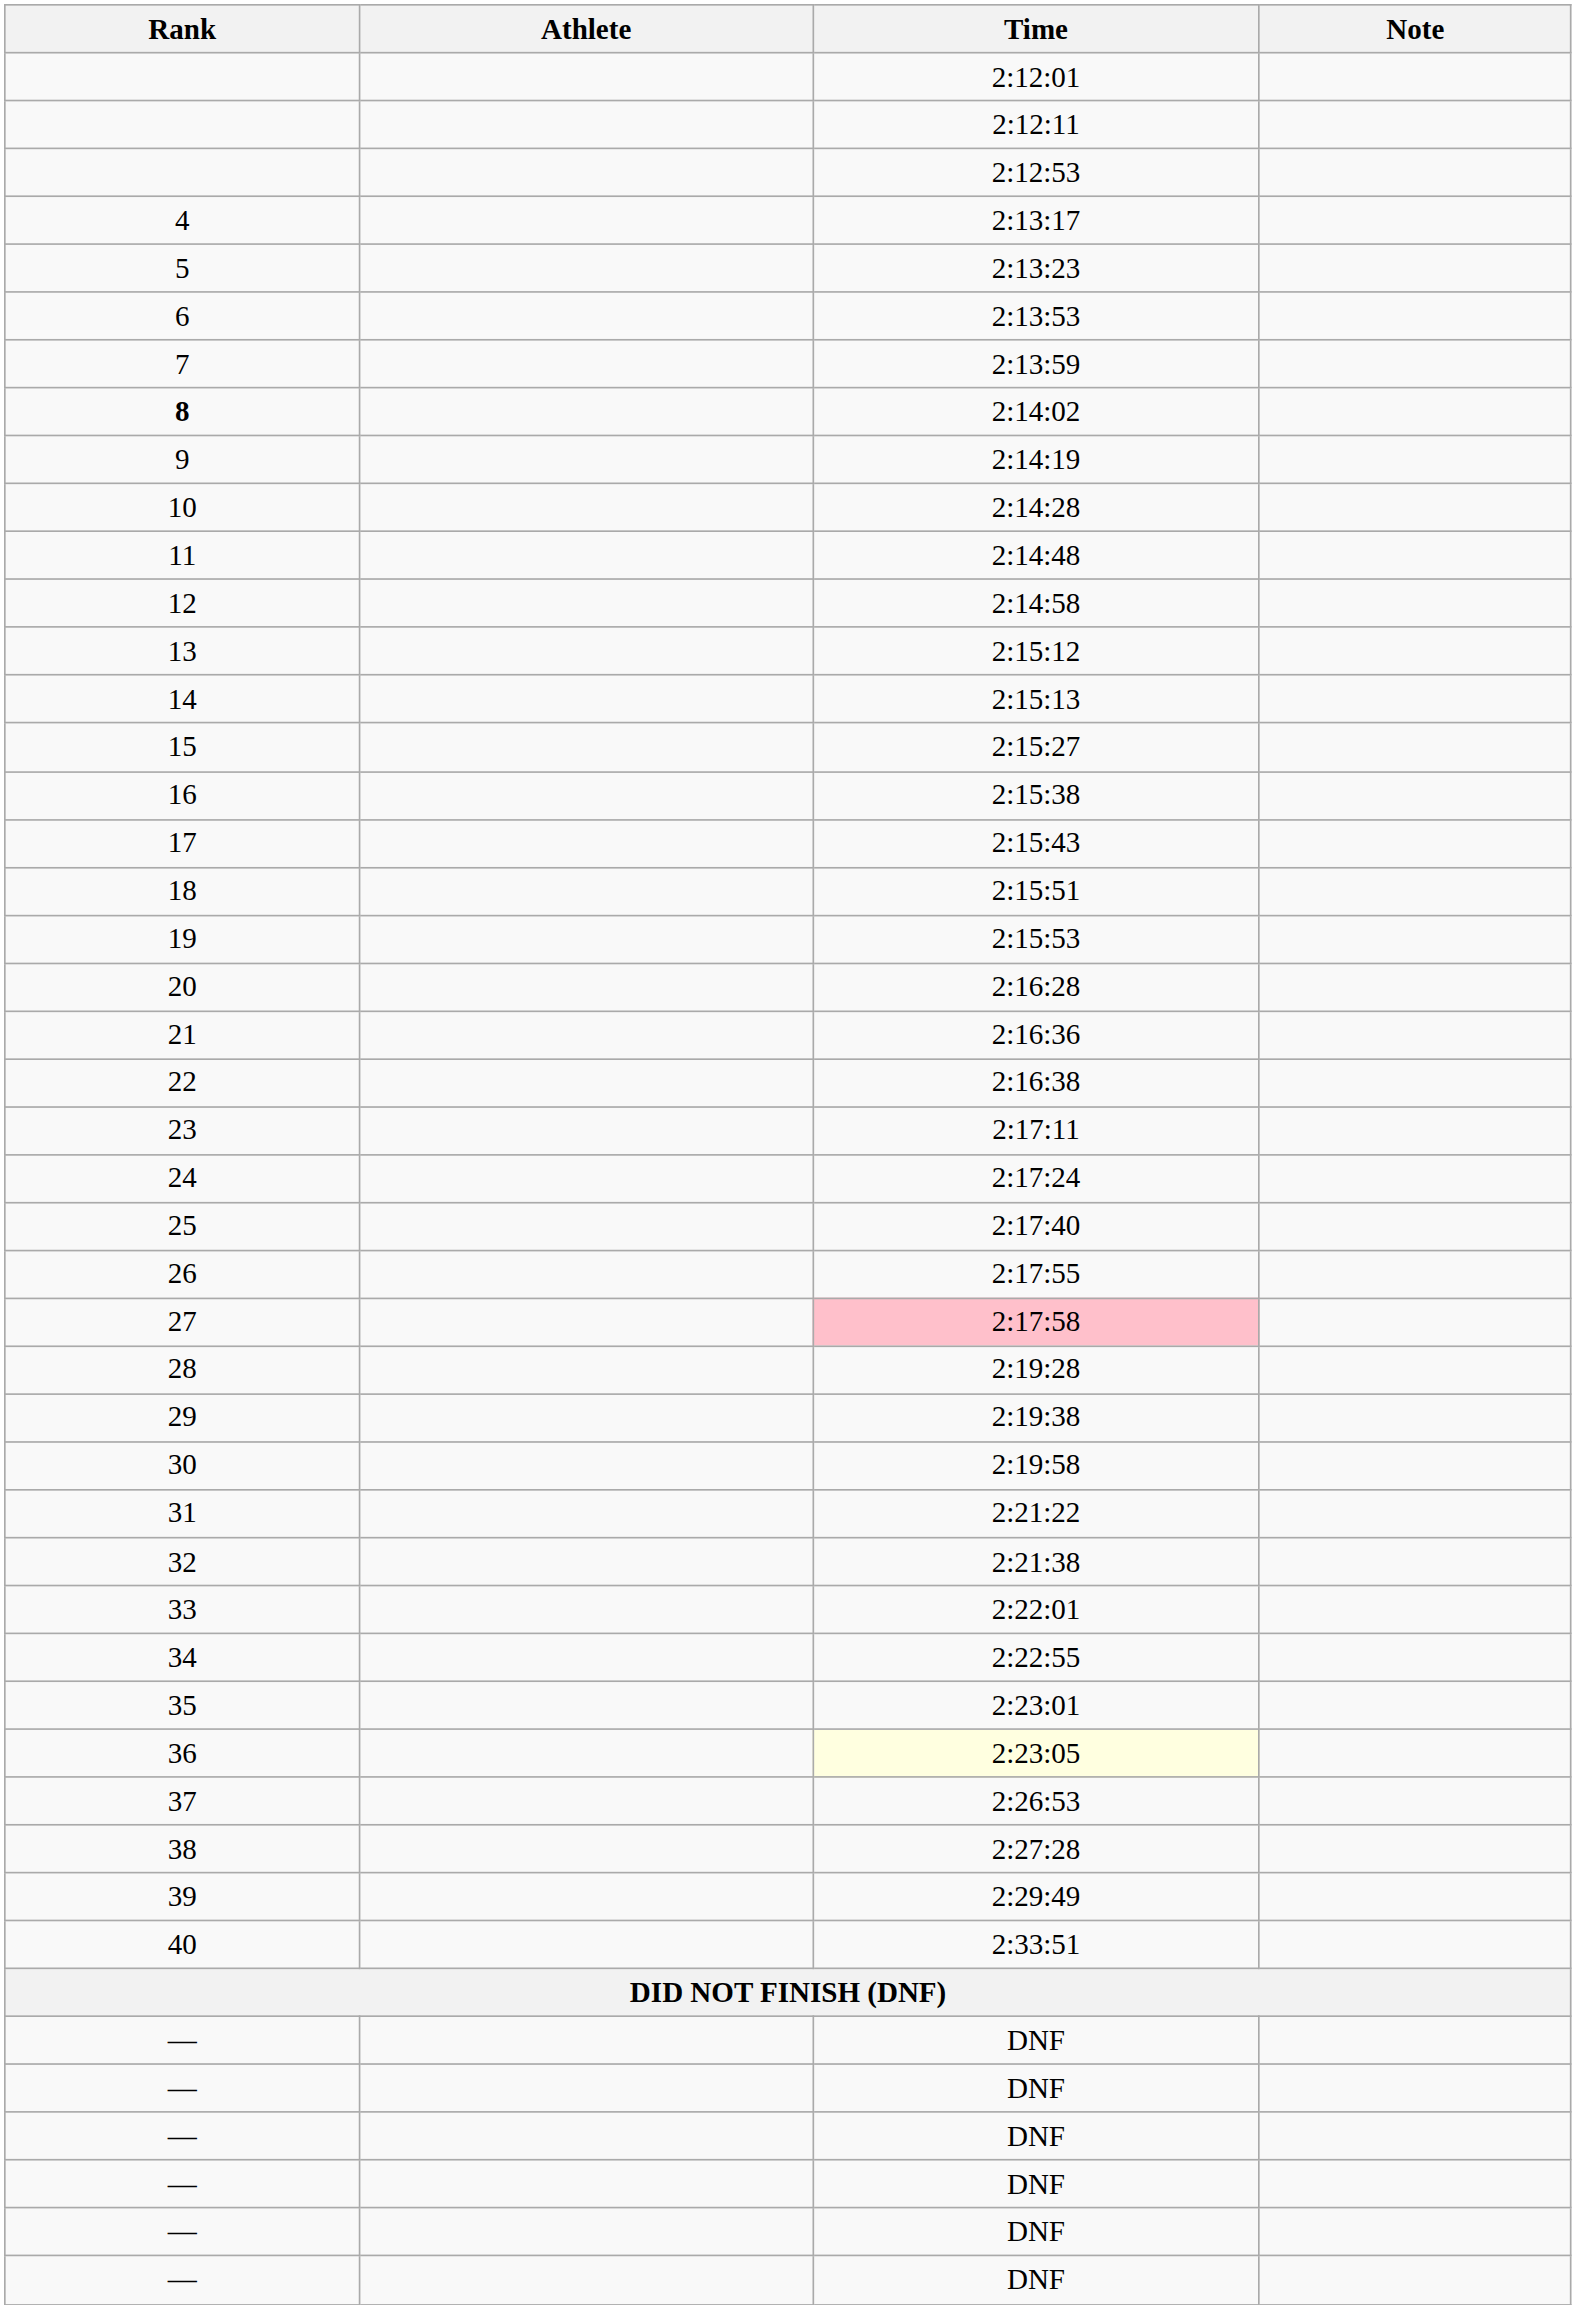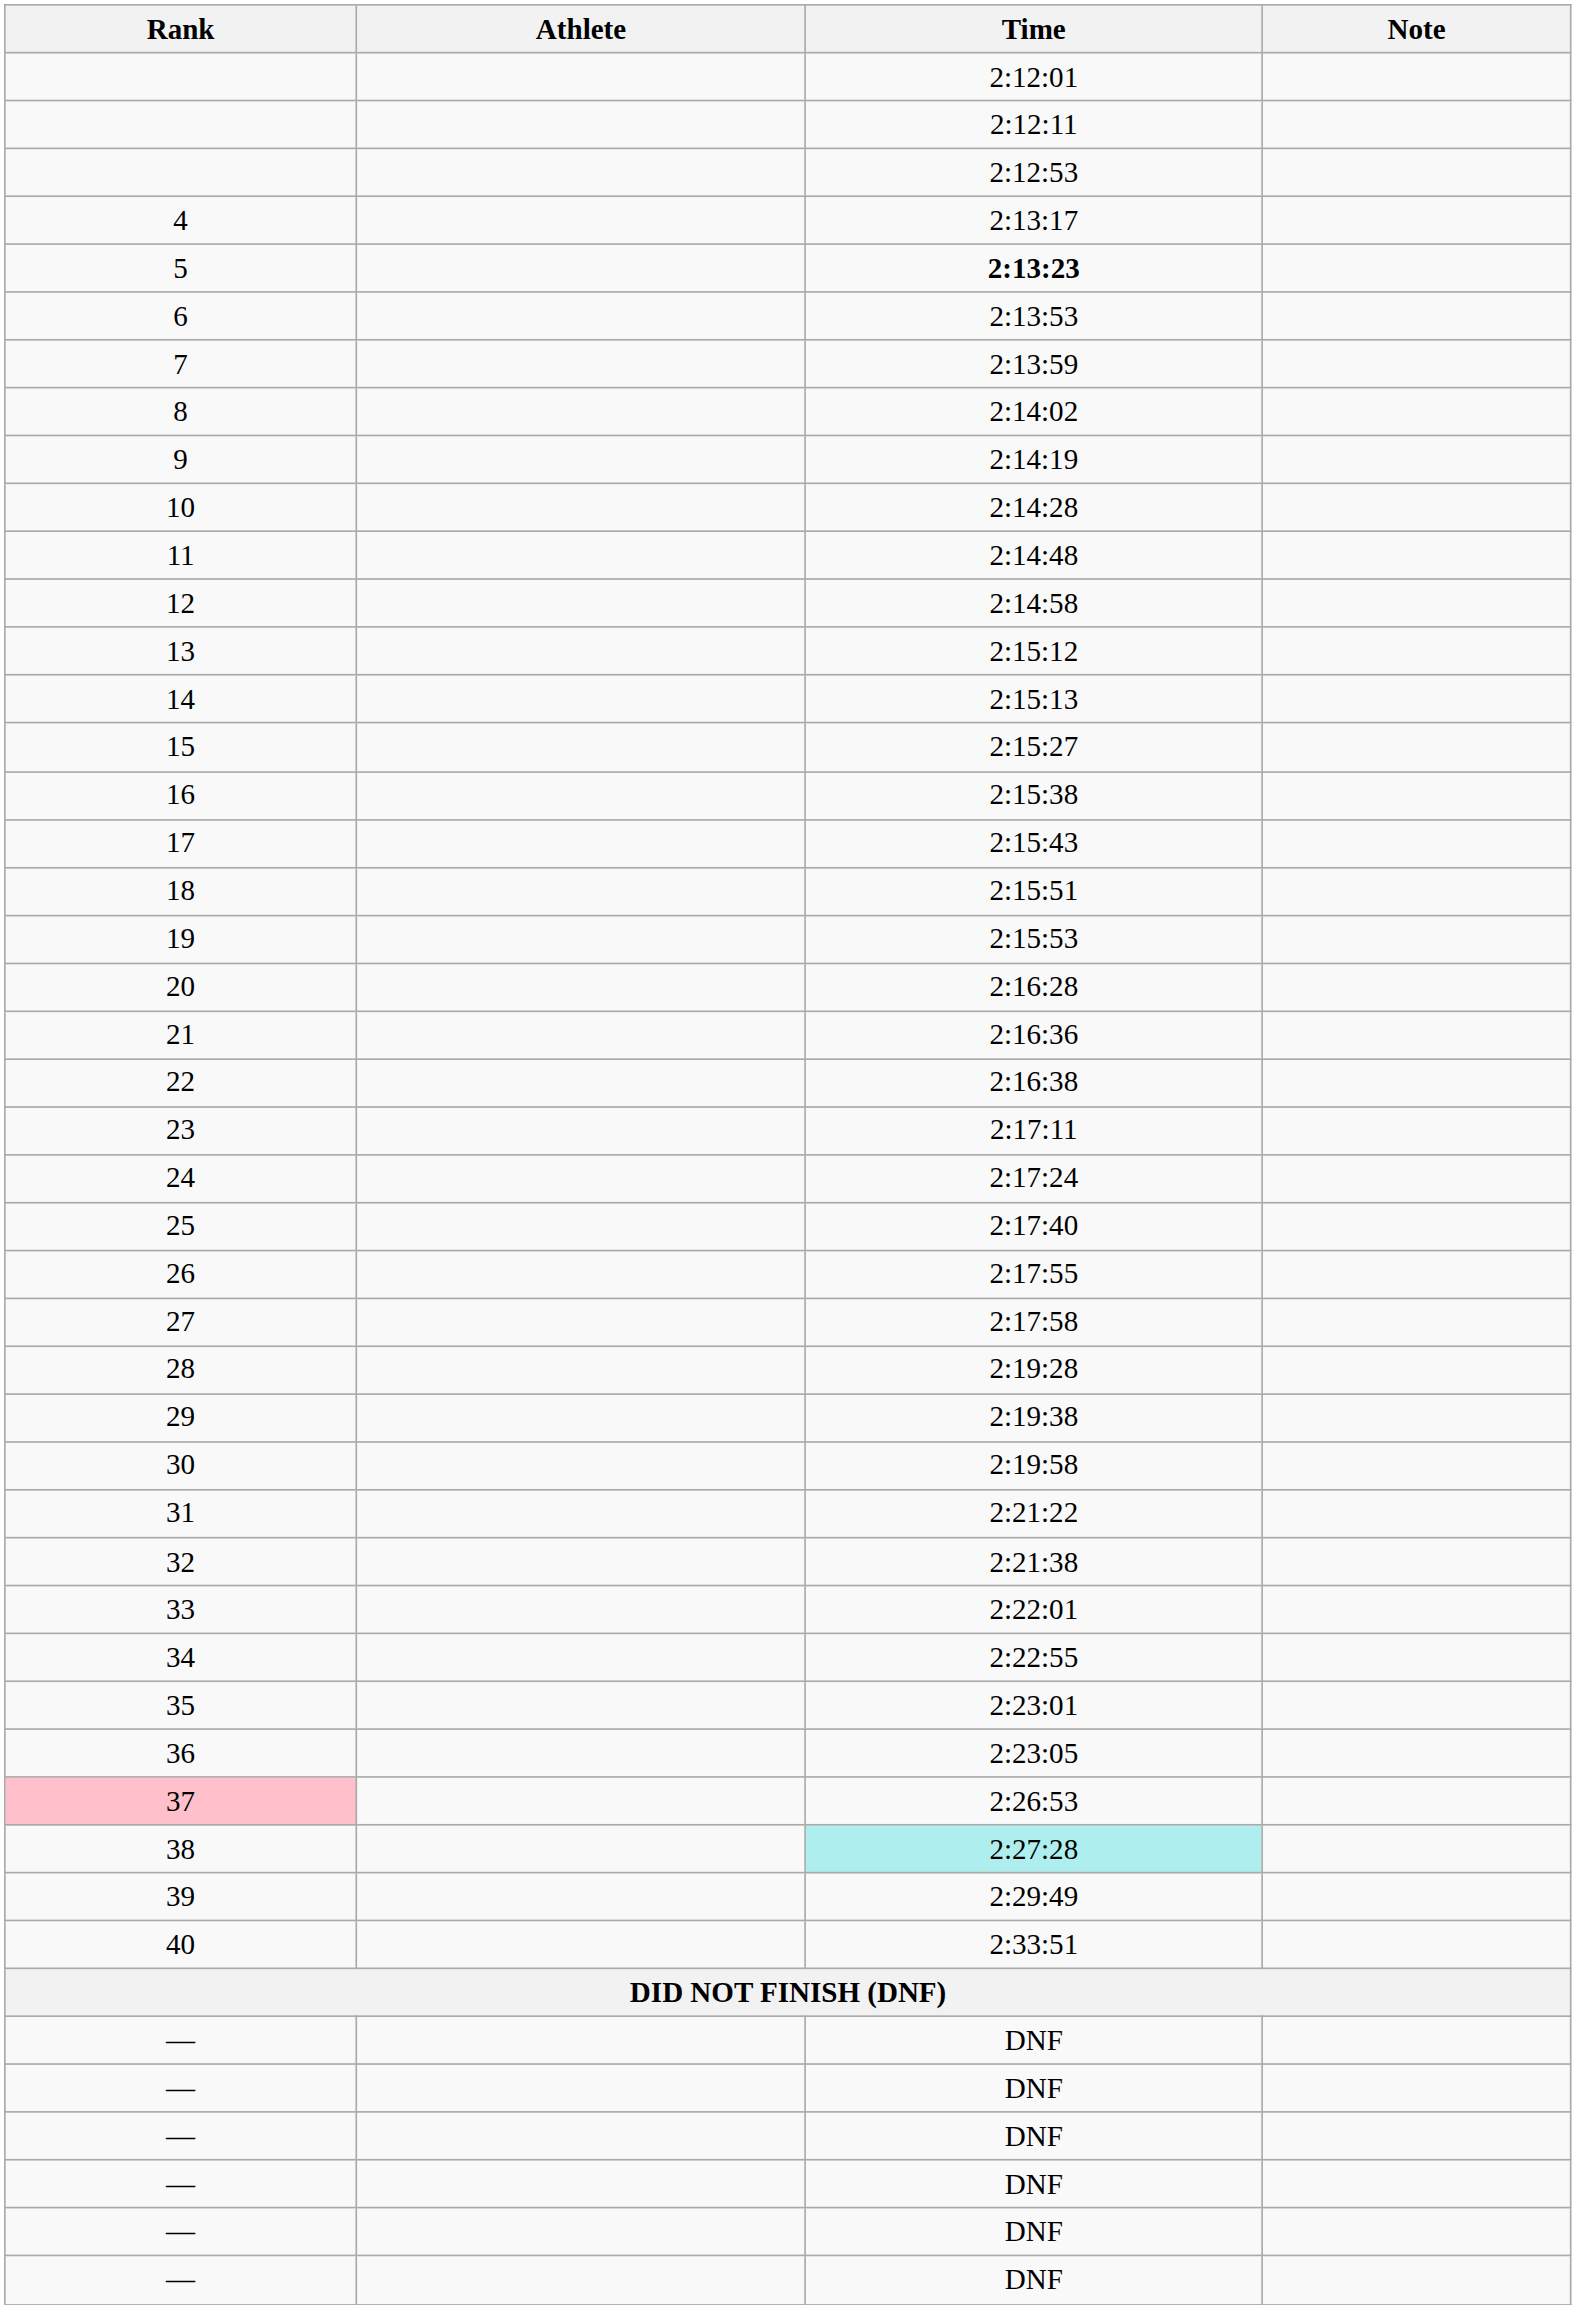 <table class="wikitable" style=" text-align:center; font-size:110%;" width="60%">
 <tr>
 <th>Rank</th>
 <th>Athlete</th>
 <th>Time</th>
 <th>Note</th>
 </tr>
 <tr>
 <td></td>
 <td align=left></td>
 <td>2:12:01</td>
 <td></td>
 </tr>
 <tr>
 <td></td>
 <td align=left></td>
 <td>2:12:11</td>
 <td></td>
 </tr>
 <tr>
 <td></td>
 <td align=left></td>
 <td>2:12:53</td>
 <td></td>
 </tr>
 <tr>
 <td>4</td>
 <td align=left></td>
 <td>2:13:17</td>
 <td></td>
 </tr>
 <tr>
 <td>5</td>
 <td align=left></td>
-<td>2:13:23</td>
+<td><strong>2:13:23</strong></td>
 <td></td>
 </tr>
 <tr>
 <td>6</td>
 <td align=left></td>
 <td>2:13:53</td>
 <td></td>
 </tr>
 <tr>
 <td>7</td>
 <td align=left></td>
 <td>2:13:59</td>
 <td></td>
 </tr>
 <tr>
-<td><strong>8</strong></td>
+<td>8</td>
 <td align=left></td>
 <td>2:14:02</td>
 <td></td>
 </tr>
 <tr>
 <td>9</td>
 <td align=left></td>
 <td>2:14:19</td>
 <td></td>
 </tr>
 <tr>
 <td>10</td>
 <td align=left></td>
 <td>2:14:28</td>
 <td></td>
 </tr>
 <tr>
 <td>11</td>
 <td align=left></td>
 <td>2:14:48</td>
 <td></td>
 </tr>
 <tr>
 <td>12</td>
 <td align=left></td>
 <td>2:14:58</td>
 <td></td>
 </tr>
 <tr>
 <td>13</td>
 <td align=left></td>
 <td>2:15:12</td>
 <td></td>
 </tr>
 <tr>
 <td>14</td>
 <td align=left></td>
 <td>2:15:13</td>
 <td></td>
 </tr>
 <tr>
 <td>15</td>
 <td align=left></td>
 <td>2:15:27</td>
 <td></td>
 </tr>
 <tr>
 <td>16</td>
 <td align=left></td>
 <td>2:15:38</td>
 <td></td>
 </tr>
 <tr>
 <td>17</td>
 <td align=left></td>
 <td>2:15:43</td>
 <td></td>
 </tr>
 <tr>
 <td>18</td>
 <td align=left></td>
 <td>2:15:51</td>
 <td></td>
 </tr>
 <tr>
 <td>19</td>
 <td align=left></td>
 <td>2:15:53</td>
 <td></td>
 </tr>
 <tr>
 <td>20</td>
 <td align=left></td>
 <td>2:16:28</td>
 <td></td>
 </tr>
 <tr>
 <td>21</td>
 <td align=left></td>
 <td>2:16:36</td>
 <td></td>
 </tr>
 <tr>
 <td>22</td>
 <td align=left></td>
 <td>2:16:38</td>
 <td></td>
 </tr>
 <tr>
 <td>23</td>
 <td align=left></td>
 <td>2:17:11</td>
 <td></td>
 </tr>
 <tr>
 <td>24</td>
 <td align=left></td>
 <td>2:17:24</td>
 <td></td>
 </tr>
 <tr>
 <td>25</td>
 <td align=left></td>
 <td>2:17:40</td>
 <td></td>
 </tr>
 <tr>
 <td>26</td>
 <td align=left></td>
 <td>2:17:55</td>
 <td></td>
 </tr>
 <tr>
 <td>27</td>
 <td align=left></td>
-<td style="background: pink;">2:17:58</td>
+<td>2:17:58</td>
 <td></td>
 </tr>
 <tr>
 <td>28</td>
 <td align=left></td>
 <td>2:19:28</td>
 <td></td>
 </tr>
 <tr>
 <td>29</td>
 <td align=left></td>
 <td>2:19:38</td>
 <td></td>
 </tr>
 <tr>
 <td>30</td>
 <td align=left></td>
 <td>2:19:58</td>
 <td></td>
 </tr>
 <tr>
 <td>31</td>
 <td align=left></td>
 <td>2:21:22</td>
 <td></td>
 </tr>
 <tr>
 <td>32</td>
 <td align=left></td>
 <td>2:21:38</td>
 <td></td>
 </tr>
 <tr>
 <td>33</td>
 <td align=left></td>
 <td>2:22:01</td>
 <td></td>
 </tr>
 <tr>
 <td>34</td>
 <td align=left></td>
 <td>2:22:55</td>
 <td></td>
 </tr>
 <tr>
 <td>35</td>
 <td align=left></td>
 <td>2:23:01</td>
 <td></td>
 </tr>
 <tr>
 <td>36</td>
 <td align=left></td>
-<td style="background: lightyellow;">2:23:05</td>
+<td>2:23:05</td>
 <td></td>
 </tr>
 <tr>
-<td>37</td>
+<td style="background: pink;">37</td>
 <td align=left></td>
 <td>2:26:53</td>
 <td></td>
 </tr>
 <tr>
 <td>38</td>
 <td align=left></td>
-<td>2:27:28</td>
+<td style="background: paleturquoise;">2:27:28</td>
 <td></td>
 </tr>
 <tr>
 <td>39</td>
 <td align=left></td>
 <td>2:29:49</td>
 <td></td>
 </tr>
 <tr>
 <td>40</td>
 <td align=left></td>
 <td>2:33:51</td>
 <td></td>
 </tr>
 <tr>
 <th colspan="4">DID NOT FINISH (DNF)</th>
 </tr>
 <tr>
 <td>—</td>
 <td align=left></td>
 <td>DNF</td>
 <td></td>
 </tr>
 <tr>
 <td>—</td>
 <td align=left></td>
 <td>DNF</td>
 <td></td>
 </tr>
 <tr>
 <td>—</td>
 <td align=left></td>
 <td>DNF</td>
 <td></td>
 </tr>
 <tr>
 <td>—</td>
 <td align=left></td>
 <td>DNF</td>
 <td></td>
 </tr>
 <tr>
 <td>—</td>
 <td align=left></td>
 <td>DNF</td>
 <td></td>
 </tr>
 <tr>
 <td>—</td>
 <td align=left></td>
 <td>DNF</td>
 <td></td>
 </tr>
 </table>
